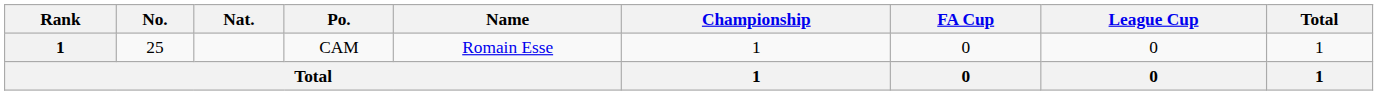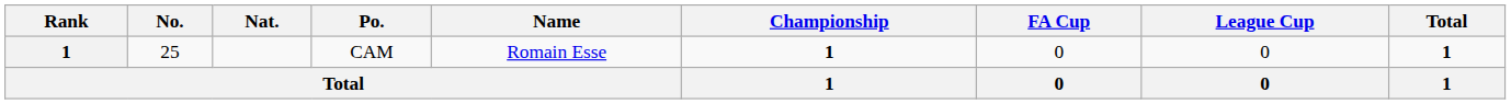 <table class="wikitable" style="text-align:center; font-size:95%; width:95%;">
 <tr>
 <th>Rank</th>
 <th>No.</th>
 <th>Nat.</th>
 <th>Po.</th>
 <th>Name</th>
 <th><a href='#'>Championship</a></th>
 <th><a href='#'>FA Cup</a></th>
 <th><a href='#'>League Cup</a></th>
 <th>Total</th>
 </tr>
 <tr>
 <th rowspan=1>1</th>
 <td>25</td>
 <td></td>
 <td>CAM</td>
 <td><a href='#'>Romain Esse</a></td>
-<td>1</td>
+<td><strong>1</strong></td>
 <td>0</td>
 <td>0</td>
-<td>1</td>
+<td><strong>1</strong></td>
 </tr>
 <tr>
 <th colspan=5>Total</th>
 <th>1</th>
 <th>0</th>
 <th>0</th>
 <th>1</th>
 </tr>
 </table>
